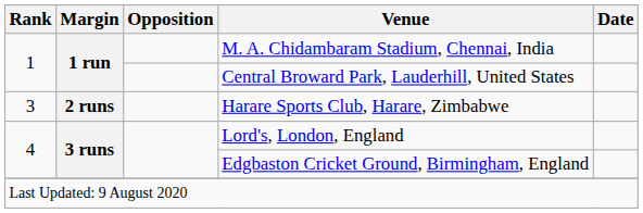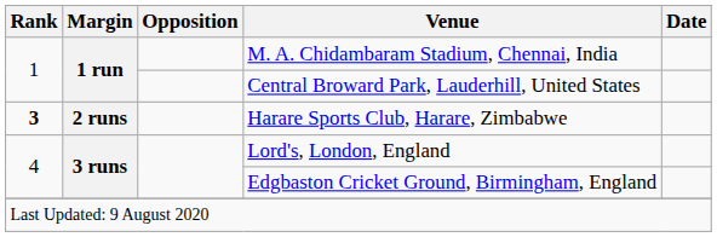 <table class="wikitable sortable">
 <tr>
 <th scope=col>Rank</th>
 <th scope=col>Margin</th>
 <th scope=col>Opposition</th>
 <th scope=col>Venue</th>
 <th scope=col>Date</th>
 </tr>
 <tr>
 <td align=center rowspan=2>1</td>
 <th scope=row style=text-align:center; rowspan=2>1 run</th>
 <td></td>
 <td><a href='#'>M. A. Chidambaram Stadium</a>, <a href='#'>Chennai</a>, India</td>
 <td></td>
 </tr>
 <tr>
 <td></td>
 <td><a href='#'>Central Broward Park</a>, <a href='#'>Lauderhill</a>, United States</td>
 <td></td>
 </tr>
 <tr>
-<td align=center>3</td>
+<td align=center><strong>3</strong></td>
 <th scope=row style=text-align:center;>2 runs</th>
 <td></td>
 <td><a href='#'>Harare Sports Club</a>, <a href='#'>Harare</a>, Zimbabwe</td>
 <td></td>
 </tr>
 <tr>
 <td align=center rowspan=2>4</td>
 <th scope=row style=text-align:center rowspan=2>3 runs</th>
 <td rowspan=2></td>
 <td><a href='#'>Lord's</a>, <a href='#'>London</a>, England</td>
 <td> </td>
 </tr>
 <tr>
 <td><a href='#'>Edgbaston Cricket Ground</a>, <a href='#'>Birmingham</a>, England</td>
 <td></td>
 </tr>
 <tr>
 </tr>
 <tr class=sortbottom>
 <td colspan=5><small>Last Updated: 9 August 2020</small></td>
 </tr>
 </table>
